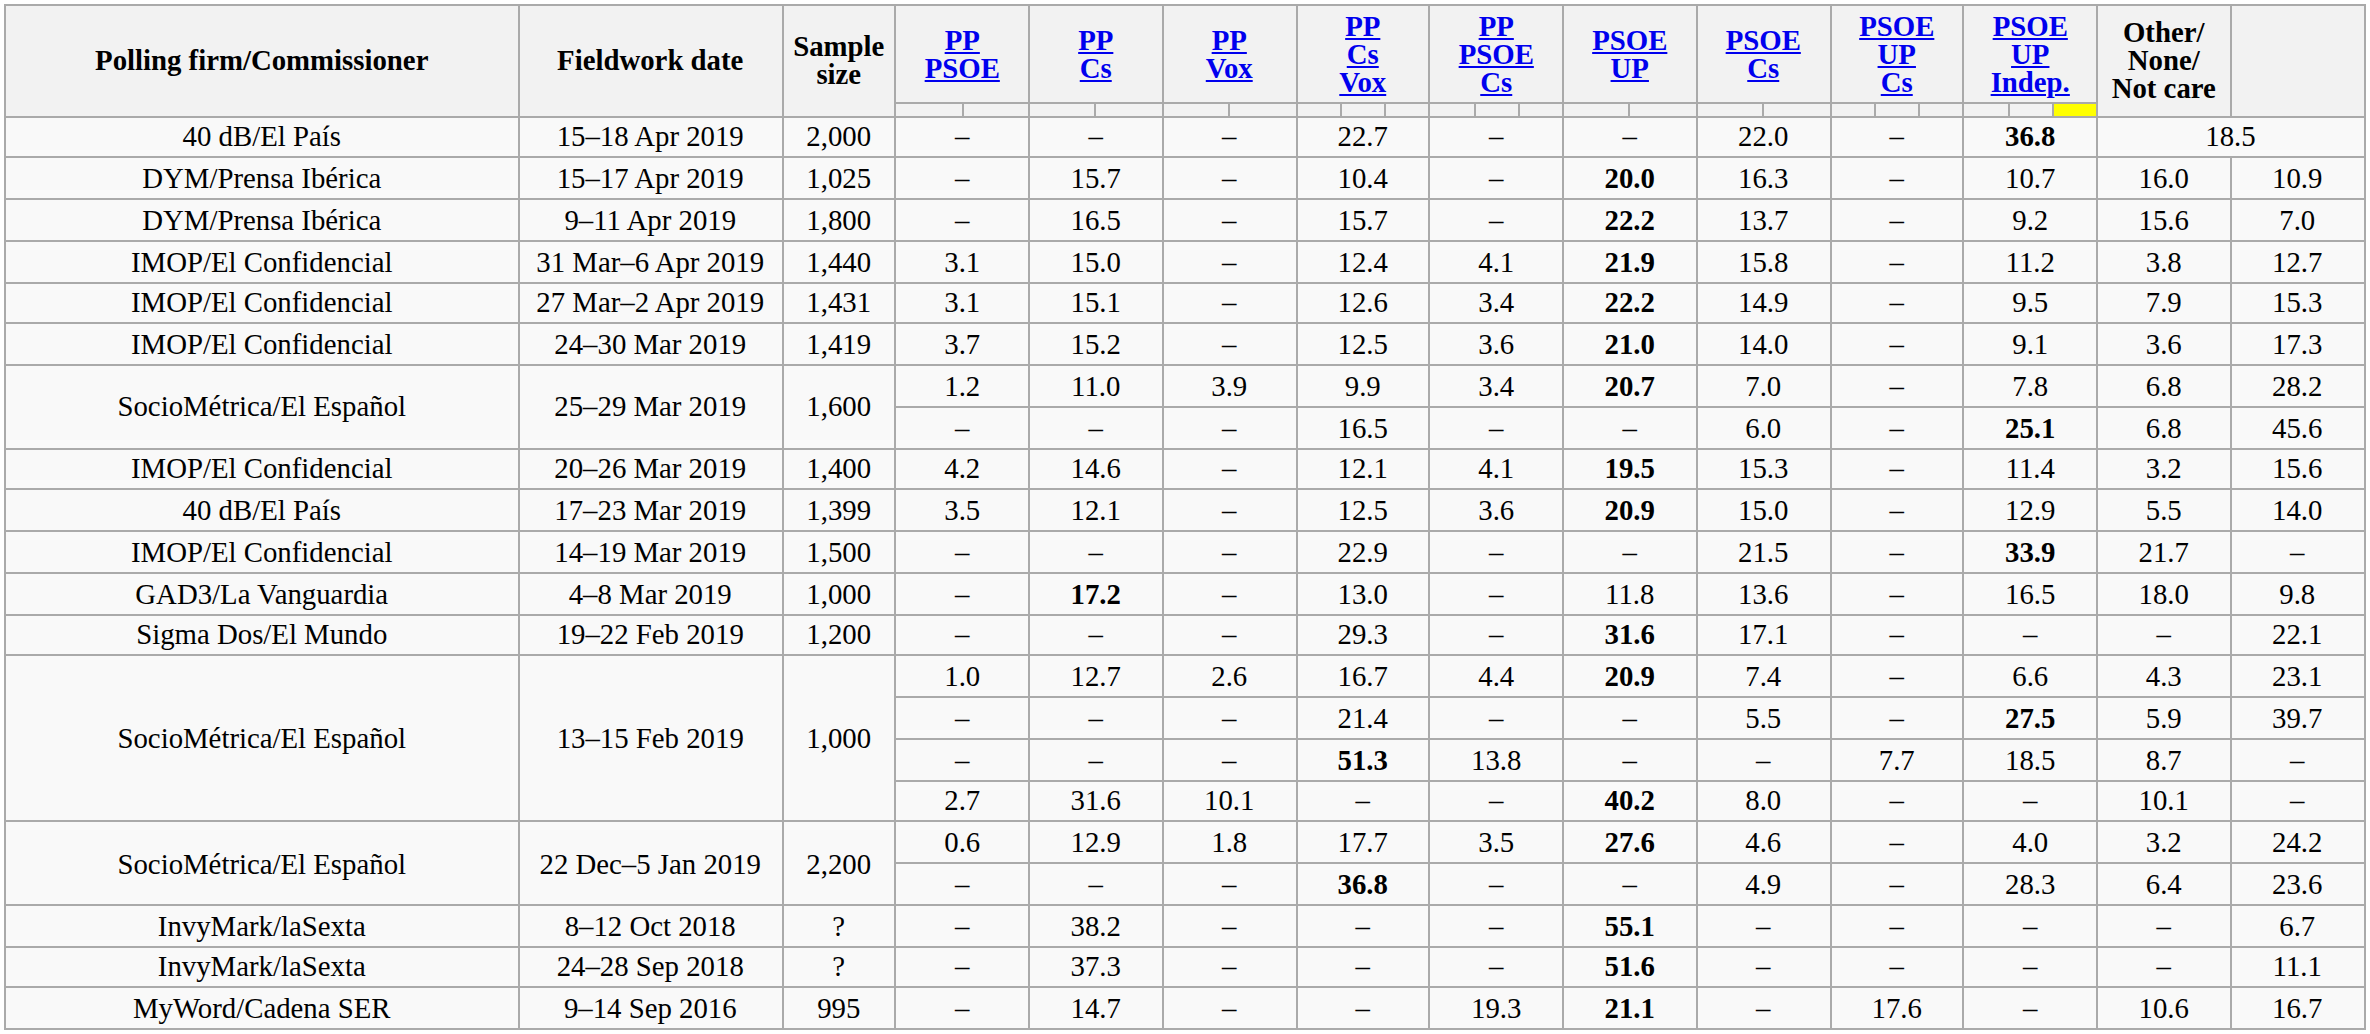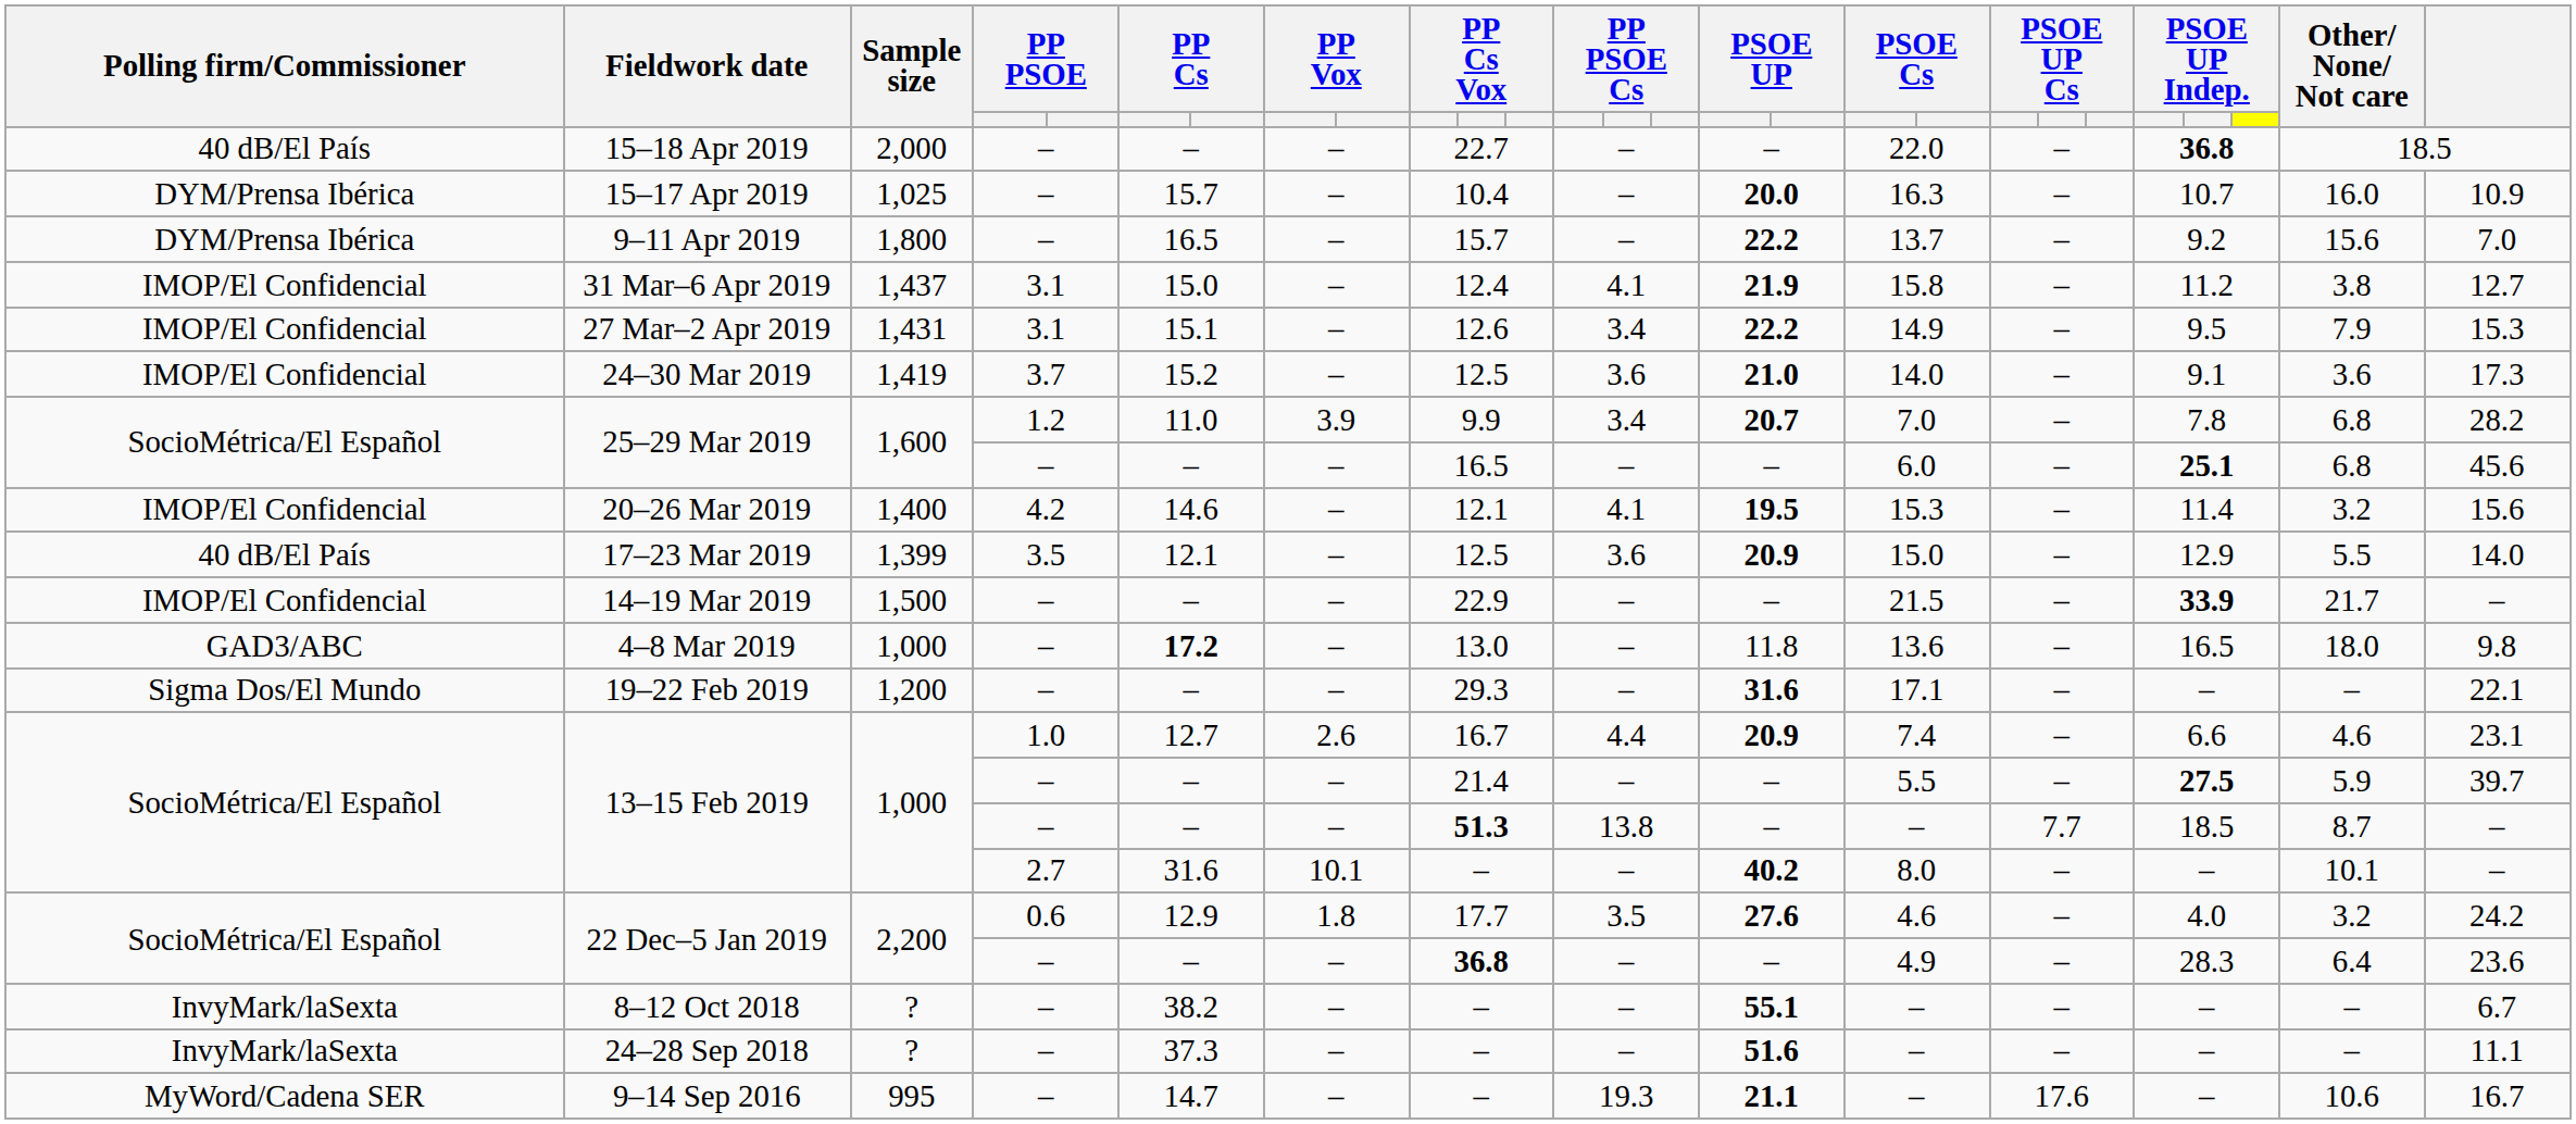 <table class="wikitable collapsible collapsed" style="text-align:center; font-size:90%; line-height:14px;">
 <tr style="height:42px;">
 <th style="width:250px;" rowspan="2">Polling firm/Commissioner</th>
 <th style="width:125px;" rowspan="2">Fieldwork date</th>
 <th style="width:50px;" rowspan="2">Sample size</th>
 <th style="width:60px;" colspan="2"><a href='#'>PP</a><br><a href='#'>PSOE</a></th>
 <th style="width:60px;" colspan="2"><a href='#'>PP</a><br><a href='#'>Cs</a></th>
 <th style="width:60px;" colspan="2"><a href='#'>PP</a><br><a href='#'>Vox</a></th>
 <th style="width:60px;" colspan="3"><a href='#'>PP</a><br><a href='#'>Cs</a><br><a href='#'>Vox</a></th>
 <th style="width:60px;" colspan="3"><a href='#'>PP</a><br><a href='#'>PSOE</a><br><a href='#'>Cs</a></th>
 <th style="width:60px;" colspan="2"><a href='#'>PSOE</a><br><a href='#'>UP</a></th>
 <th style="width:60px;" colspan="2"><a href='#'>PSOE</a><br><a href='#'>Cs</a></th>
 <th style="width:60px;" colspan="3"><a href='#'>PSOE</a><br><a href='#'>UP</a><br><a href='#'>Cs</a></th>
 <th style="width:60px;" colspan="3"><a href='#'>PSOE</a><br><a href='#'>UP</a><br><a href='#'>Indep.</a></th>
 <th style="width:60px;" rowspan="2">Other/<br>None/<br>Not care</th>
 <th style="width:60px;" rowspan="2"></th>
 </tr>
 <tr>
 <th style="color:inherit;background:"></th>
 <th style="color:inherit;background:"></th>
 <th style="color:inherit;background:"></th>
 <th style="color:inherit;background:"></th>
 <th style="color:inherit;background:"></th>
 <th style="color:inherit;background:"></th>
 <th style="color:inherit;background:"></th>
 <th style="color:inherit;background:"></th>
 <th style="color:inherit;background:"></th>
 <th style="color:inherit;background:"></th>
 <th style="color:inherit;background:"></th>
 <th style="color:inherit;background:"></th>
 <th style="color:inherit;background:"></th>
 <th style="color:inherit;background:"></th>
 <th style="color:inherit;background:"></th>
 <th style="color:inherit;background:"></th>
 <th style="color:inherit;background:"></th>
 <th style="color:inherit;background:"></th>
 <th style="color:inherit;background:"></th>
 <th style="color:inherit;background:"></th>
 <th style="color:inherit;background:"></th>
 <th style="background:yellow;"></th>
 </tr>
 <tr>
 <td>40 dB/El País</td>
 <td>15–18 Apr 2019</td>
 <td>2,000</td>
 <td colspan="2">–</td>
 <td colspan="2">–</td>
 <td colspan="2">–</td>
 <td colspan="3">22.7</td>
 <td colspan="3">–</td>
 <td colspan="2">–</td>
 <td colspan="2">22.0</td>
 <td colspan="3">–</td>
 <td colspan="3" ><strong>36.8</strong></td>
 <td colspan="2">18.5</td>
 </tr>
 <tr>
 <td>DYM/Prensa Ibérica</td>
 <td>15–17 Apr 2019</td>
 <td>1,025</td>
 <td colspan="2">–</td>
 <td colspan="2">15.7</td>
 <td colspan="2">–</td>
 <td colspan="3">10.4</td>
 <td colspan="3">–</td>
 <td colspan="2" ><strong>20.0</strong></td>
 <td colspan="2">16.3</td>
 <td colspan="3">–</td>
 <td colspan="3">10.7</td>
 <td>16.0</td>
 <td>10.9</td>
 </tr>
 <tr>
 <td>DYM/Prensa Ibérica</td>
 <td>9–11 Apr 2019</td>
 <td>1,800</td>
 <td colspan="2">–</td>
 <td colspan="2">16.5</td>
 <td colspan="2">–</td>
 <td colspan="3">15.7</td>
 <td colspan="3">–</td>
 <td colspan="2" ><strong>22.2</strong></td>
 <td colspan="2">13.7</td>
 <td colspan="3">–</td>
 <td colspan="3">9.2</td>
 <td>15.6</td>
 <td>7.0</td>
 </tr>
 <tr>
 <td>IMOP/El Confidencial</td>
 <td>31 Mar–6 Apr 2019</td>
-<td>1,440</td>
+<td>1,437</td>
 <td colspan="2">3.1</td>
 <td colspan="2">15.0</td>
 <td colspan="2">–</td>
 <td colspan="3">12.4</td>
 <td colspan="3">4.1</td>
 <td colspan="2" ><strong>21.9</strong></td>
 <td colspan="2">15.8</td>
 <td colspan="3">–</td>
 <td colspan="3">11.2</td>
 <td>3.8</td>
 <td>12.7</td>
 </tr>
 <tr>
 <td>IMOP/El Confidencial</td>
 <td>27 Mar–2 Apr 2019</td>
 <td>1,431</td>
 <td colspan="2">3.1</td>
 <td colspan="2">15.1</td>
 <td colspan="2">–</td>
 <td colspan="3">12.6</td>
 <td colspan="3">3.4</td>
 <td colspan="2" ><strong>22.2</strong></td>
 <td colspan="2">14.9</td>
 <td colspan="3">–</td>
 <td colspan="3">9.5</td>
 <td>7.9</td>
 <td>15.3</td>
 </tr>
 <tr>
 <td>IMOP/El Confidencial</td>
 <td>24–30 Mar 2019</td>
 <td>1,419</td>
 <td colspan="2">3.7</td>
 <td colspan="2">15.2</td>
 <td colspan="2">–</td>
 <td colspan="3">12.5</td>
 <td colspan="3">3.6</td>
 <td colspan="2" ><strong>21.0</strong></td>
 <td colspan="2">14.0</td>
 <td colspan="3">–</td>
 <td colspan="3">9.1</td>
 <td>3.6</td>
 <td>17.3</td>
 </tr>
 <tr>
 <td rowspan="2">SocioMétrica/El Español</td>
 <td rowspan="2">25–29 Mar 2019</td>
 <td rowspan="2">1,600</td>
 <td colspan="2">1.2</td>
 <td colspan="2">11.0</td>
 <td colspan="2">3.9</td>
 <td colspan="3">9.9</td>
 <td colspan="3">3.4</td>
 <td colspan="2" ><strong>20.7</strong></td>
 <td colspan="2">7.0</td>
 <td colspan="3">–</td>
 <td colspan="3">7.8</td>
 <td>6.8</td>
 <td>28.2</td>
 </tr>
 <tr>
 <td colspan="2">–</td>
 <td colspan="2">–</td>
 <td colspan="2">–</td>
 <td colspan="3">16.5</td>
 <td colspan="3">–</td>
 <td colspan="2">–</td>
 <td colspan="2">6.0</td>
 <td colspan="3">–</td>
 <td colspan="3" ><strong>25.1</strong></td>
 <td>6.8</td>
 <td>45.6</td>
 </tr>
 <tr>
 <td>IMOP/El Confidencial</td>
 <td>20–26 Mar 2019</td>
 <td>1,400</td>
 <td colspan="2">4.2</td>
 <td colspan="2">14.6</td>
 <td colspan="2">–</td>
 <td colspan="3">12.1</td>
 <td colspan="3">4.1</td>
 <td colspan="2" ><strong>19.5</strong></td>
 <td colspan="2">15.3</td>
 <td colspan="3">–</td>
 <td colspan="3">11.4</td>
 <td>3.2</td>
 <td>15.6</td>
 </tr>
 <tr>
 <td>40 dB/El País</td>
 <td>17–23 Mar 2019</td>
 <td>1,399</td>
 <td colspan="2">3.5</td>
 <td colspan="2">12.1</td>
 <td colspan="2">–</td>
 <td colspan="3">12.5</td>
 <td colspan="3">3.6</td>
 <td colspan="2" ><strong>20.9</strong></td>
 <td colspan="2">15.0</td>
 <td colspan="3">–</td>
 <td colspan="3">12.9</td>
 <td>5.5</td>
 <td>14.0</td>
 </tr>
 <tr>
 <td>IMOP/El Confidencial</td>
 <td>14–19 Mar 2019</td>
 <td>1,500</td>
 <td colspan="2">–</td>
 <td colspan="2">–</td>
 <td colspan="2">–</td>
 <td colspan="3">22.9</td>
 <td colspan="3">–</td>
 <td colspan="2">–</td>
 <td colspan="2">21.5</td>
 <td colspan="3">–</td>
 <td colspan="3" ><strong>33.9</strong></td>
 <td>21.7</td>
 <td>–</td>
 </tr>
 <tr>
-<td>GAD3/La Vanguardia</td>
+<td>GAD3/ABC</td>
 <td>4–8 Mar 2019</td>
 <td>1,000</td>
 <td colspan="2">–</td>
 <td colspan="2" ><strong>17.2</strong></td>
 <td colspan="2">–</td>
 <td colspan="3">13.0</td>
 <td colspan="3">–</td>
 <td colspan="2">11.8</td>
 <td colspan="2">13.6</td>
 <td colspan="3">–</td>
 <td colspan="3">16.5</td>
 <td>18.0</td>
 <td>9.8</td>
 </tr>
 <tr>
 <td>Sigma Dos/El Mundo</td>
 <td>19–22 Feb 2019</td>
 <td>1,200</td>
 <td colspan="2">–</td>
 <td colspan="2">–</td>
 <td colspan="2">–</td>
 <td colspan="3">29.3</td>
 <td colspan="3">–</td>
 <td colspan="2" ><strong>31.6</strong></td>
 <td colspan="2">17.1</td>
 <td colspan="3">–</td>
 <td colspan="3">–</td>
 <td>–</td>
 <td>22.1</td>
 </tr>
 <tr>
 <td rowspan="4">SocioMétrica/El Español</td>
 <td rowspan="4">13–15 Feb 2019</td>
 <td rowspan="4">1,000</td>
 <td colspan="2">1.0</td>
 <td colspan="2">12.7</td>
 <td colspan="2">2.6</td>
 <td colspan="3">16.7</td>
 <td colspan="3">4.4</td>
 <td colspan="2" ><strong>20.9</strong></td>
 <td colspan="2">7.4</td>
 <td colspan="3">–</td>
 <td colspan="3">6.6</td>
-<td>4.3</td>
+<td>4.6</td>
 <td>23.1</td>
 </tr>
 <tr>
 <td colspan="2">–</td>
 <td colspan="2">–</td>
 <td colspan="2">–</td>
 <td colspan="3">21.4</td>
 <td colspan="3">–</td>
 <td colspan="2">–</td>
 <td colspan="2">5.5</td>
 <td colspan="3">–</td>
 <td colspan="3" ><strong>27.5</strong></td>
 <td>5.9</td>
 <td>39.7</td>
 </tr>
 <tr>
 <td colspan="2">–</td>
 <td colspan="2">–</td>
 <td colspan="2">–</td>
 <td colspan="3" ><strong>51.3</strong></td>
 <td colspan="3">13.8</td>
 <td colspan="2">–</td>
 <td colspan="2">–</td>
 <td colspan="3">7.7</td>
 <td colspan="3">18.5</td>
 <td>8.7</td>
 <td>–</td>
 </tr>
 <tr>
 <td colspan="2">2.7</td>
 <td colspan="2">31.6</td>
 <td colspan="2">10.1</td>
 <td colspan="3">–</td>
 <td colspan="3">–</td>
 <td colspan="2" ><strong>40.2</strong></td>
 <td colspan="2">8.0</td>
 <td colspan="3">–</td>
 <td colspan="3">–</td>
 <td>10.1</td>
 <td>–</td>
 </tr>
 <tr>
 <td rowspan="2">SocioMétrica/El Español</td>
 <td rowspan="2">22 Dec–5 Jan 2019</td>
 <td rowspan="2">2,200</td>
 <td colspan="2">0.6</td>
 <td colspan="2">12.9</td>
 <td colspan="2">1.8</td>
 <td colspan="3">17.7</td>
 <td colspan="3">3.5</td>
 <td colspan="2" ><strong>27.6</strong></td>
 <td colspan="2">4.6</td>
 <td colspan="3">–</td>
 <td colspan="3">4.0</td>
 <td>3.2</td>
 <td>24.2</td>
 </tr>
 <tr>
 <td colspan="2">–</td>
 <td colspan="2">–</td>
 <td colspan="2">–</td>
 <td colspan="3" ><strong>36.8</strong></td>
 <td colspan="3">–</td>
 <td colspan="2">–</td>
 <td colspan="2">4.9</td>
 <td colspan="3">–</td>
 <td colspan="3">28.3</td>
 <td>6.4</td>
 <td>23.6</td>
 </tr>
 <tr>
 <td>InvyMark/laSexta</td>
 <td>8–12 Oct 2018</td>
 <td>?</td>
 <td colspan="2">–</td>
 <td colspan="2">38.2</td>
 <td colspan="2">–</td>
 <td colspan="3">–</td>
 <td colspan="3">–</td>
 <td colspan="2" ><strong>55.1</strong></td>
 <td colspan="2">–</td>
 <td colspan="3">–</td>
 <td colspan="3">–</td>
 <td>–</td>
 <td>6.7</td>
 </tr>
 <tr>
 <td>InvyMark/laSexta</td>
 <td>24–28 Sep 2018</td>
 <td>?</td>
 <td colspan="2">–</td>
 <td colspan="2">37.3</td>
 <td colspan="2">–</td>
 <td colspan="3">–</td>
 <td colspan="3">–</td>
 <td colspan="2" ><strong>51.6</strong></td>
 <td colspan="2">–</td>
 <td colspan="3">–</td>
 <td colspan="3">–</td>
 <td>–</td>
 <td>11.1</td>
 </tr>
 <tr>
 <td>MyWord/Cadena SER</td>
 <td>9–14 Sep 2016</td>
 <td>995</td>
 <td colspan="2">–</td>
 <td colspan="2">14.7</td>
 <td colspan="2">–</td>
 <td colspan="3">–</td>
 <td colspan="3">19.3</td>
 <td colspan="2" ><strong>21.1</strong></td>
 <td colspan="2">–</td>
 <td colspan="3">17.6</td>
 <td colspan="3">–</td>
 <td>10.6</td>
 <td>16.7</td>
 </tr>
 </table>
